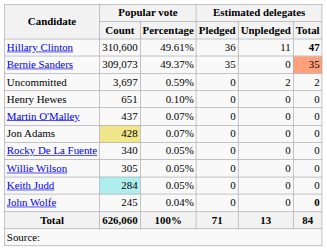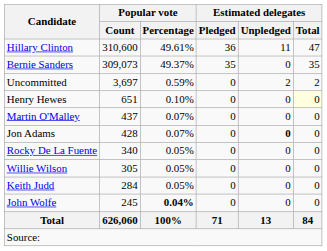 <table class="wikitable" style="text-align:right;">
 <tr>
 <th rowspan="2">Candidate</th>
 <th colspan="2">Popular vote</th>
 <th colspan="3">Estimated delegates</th>
 </tr>
 <tr>
 <th>Count</th>
 <th>Percentage</th>
 <th>Pledged</th>
 <th>Unpledged</th>
 <th>Total</th>
 </tr>
 <tr>
 <td style="text-align:left;"><a href='#'>Hillary Clinton</a></td>
 <td>310,600</td>
 <td>49.61%</td>
 <td>36</td>
 <td>11</td>
-<td><strong>47</strong></td>
+<td>47</td>
 </tr>
 <tr>
 <td style="text-align:left;"><a href='#'>Bernie Sanders</a></td>
 <td>309,073</td>
 <td>49.37%</td>
 <td>35</td>
 <td>0</td>
-<td style="background: lightsalmon;">35</td>
+<td>35</td>
 </tr>
 <tr>
 <td style="text-align:left;">Uncommitted</td>
 <td>3,697</td>
 <td>0.59%</td>
 <td>0</td>
 <td>2</td>
 <td>2</td>
 </tr>
 <tr>
 <td style="text-align:left;">Henry Hewes</td>
 <td>651</td>
 <td>0.10%</td>
 <td>0</td>
 <td>0</td>
-<td>0</td>
+<td style="background: lightyellow;">0</td>
 </tr>
 <tr>
 <td style="text-align:left;"><a href='#'>Martin O'Malley</a> </td>
 <td>437</td>
 <td>0.07%</td>
 <td>0</td>
 <td>0</td>
 <td>0</td>
 </tr>
 <tr>
 <td style="text-align:left;">Jon Adams</td>
-<td style="background: khaki;">428</td>
+<td>428</td>
 <td>0.07%</td>
 <td>0</td>
-<td>0</td>
+<td><strong>0</strong></td>
 <td>0</td>
 </tr>
 <tr>
 <td style="text-align:left;"><a href='#'>Rocky De La Fuente</a></td>
 <td>340</td>
 <td>0.05%</td>
 <td>0</td>
 <td>0</td>
 <td>0</td>
 </tr>
 <tr>
 <td style="text-align:left;"><a href='#'>Willie Wilson</a></td>
 <td>305</td>
 <td>0.05%</td>
 <td>0</td>
 <td>0</td>
 <td>0</td>
 </tr>
 <tr>
 <td style="text-align:left;"><a href='#'>Keith Judd</a></td>
-<td style="background: paleturquoise;">284</td>
+<td>284</td>
 <td>0.05%</td>
 <td>0</td>
 <td>0</td>
 <td>0</td>
 </tr>
 <tr>
 <td style="text-align:left;"><a href='#'>John Wolfe</a></td>
 <td>245</td>
-<td>0.04%</td>
+<td><strong>0.04%</strong></td>
 <td>0</td>
 <td>0</td>
-<td><strong>0</strong></td>
+<td>0</td>
 </tr>
 <tr>
 <th>Total</th>
 <th>626,060</th>
 <th>100%</th>
 <th>71</th>
 <th>13</th>
 <th>84</th>
 </tr>
 <tr>
 <td colspan="6" style="text-align:left;">Source:<em></em></td>
 </tr>
 </table>
